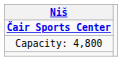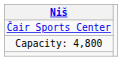 <table class="wikitable" style="text-align:center">
 <tr>
 <th><a href='#'>Niš</a></th>
 <td rowspan=4></td>
 </tr>
 <tr>
-<td><strong><a href='#'>Čair Sports Center</a></strong></td>
+<td><a href='#'>Čair Sports Center</a></td>
 </tr>
 <tr>
 <td>Capacity: 4,800</td>
 </tr>
 <tr>
 <td></td>
 </tr>
 </table>
